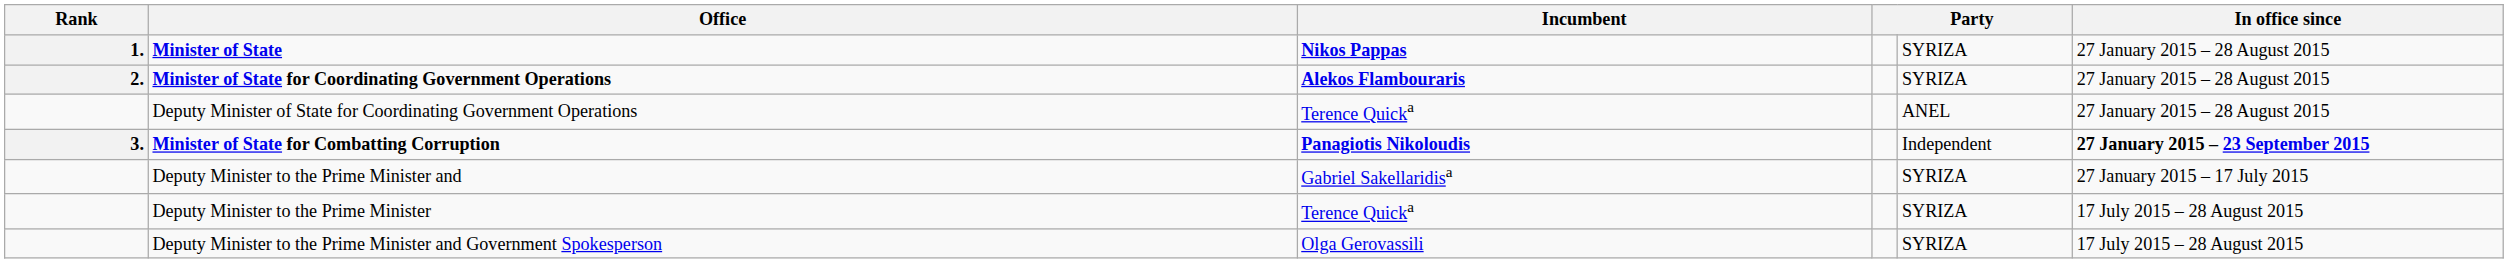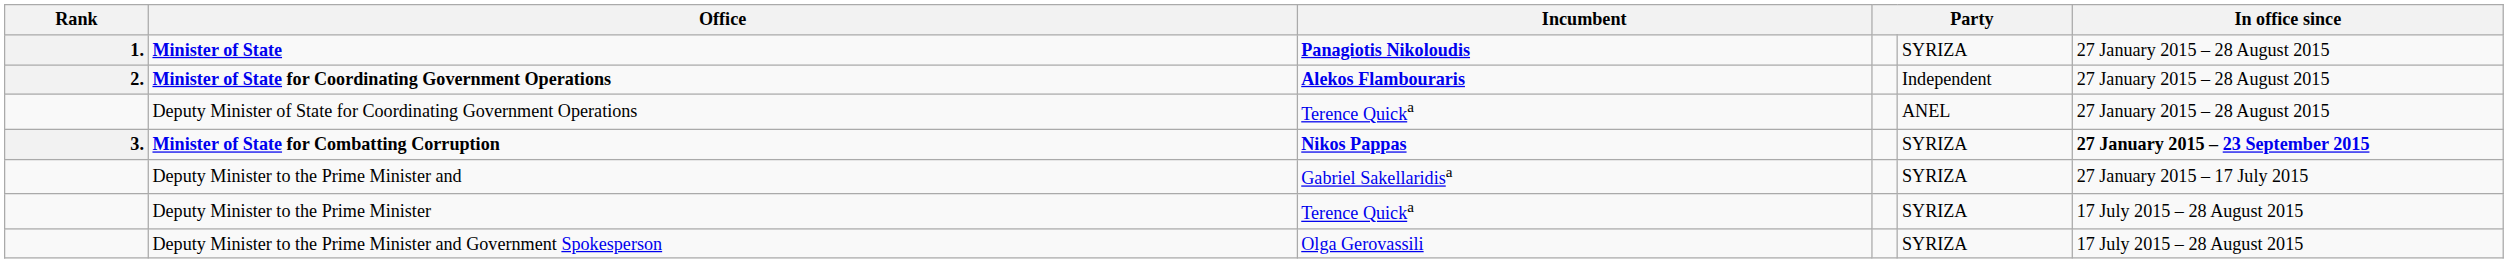 <table class="wikitable" style="width: 100%; font-size: 90%;">
 <tr>
 <th width=5%>Rank</th>
 <th width=40%>Office</th>
 <th width=20%>Incumbent</th>
 <th colspan=2 width=7%>Party</th>
 <th width=15%>In office since</th>
 </tr>
 <tr>
 <th style="text-align: right">1.</th>
 <td><strong><a href='#'>Minister of State</a></strong></td>
-<td><strong><a href='#'>Nikos Pappas</a></strong></td>
+<td><strong><a href='#'>Panagiotis Nikoloudis</a></strong></td>
 <td width=5px style="background-color: "></td>
 <td>SYRIZA</td>
 <td>27 January 2015 – 28 August 2015</td>
 </tr>
 <tr>
 <th style="text-align: right">2.</th>
 <td><strong><a href='#'>Minister of State</a> for Coordinating Government Operations</strong></td>
 <td><strong><a href='#'>Alekos Flambouraris</a></strong></td>
 <td width=5px style="background-color: "></td>
-<td>SYRIZA</td>
+<td>Independent</td>
 <td>27 January 2015 – 28 August 2015</td>
 </tr>
 <tr>
 <td style="text-align: right"></td>
 <td>Deputy Minister of State for Coordinating Government Operations</td>
 <td><a href='#'>Terence Quick</a><sup>a</sup></td>
 <td width=5px style="background-color: "></td>
 <td>ANEL</td>
 <td>27 January 2015 – 28 August 2015</td>
 </tr>
 <tr>
 <th style="text-align: right">3.</th>
 <td><strong><a href='#'>Minister of State</a> for Combatting Corruption</strong></td>
-<td><strong><a href='#'>Panagiotis Nikoloudis</a></strong></td>
+<td><strong><a href='#'>Nikos Pappas</a></strong></td>
 <td width=5px style="background-color: "></td>
-<td>Independent</td>
+<td>SYRIZA</td>
 <td><strong>27 January 2015 – <a href='#'>23 September 2015</a></strong></td>
 </tr>
 <tr>
 <td style="text-align: right"></td>
 <td>Deputy Minister to the Prime Minister and </td>
 <td><a href='#'>Gabriel Sakellaridis</a><sup>a</sup></td>
 <td width=5px style="background-color: "></td>
 <td>SYRIZA</td>
 <td>27 January 2015 – 17 July 2015</td>
 </tr>
 <tr>
 <td style="text-align: right"></td>
 <td>Deputy Minister to the Prime Minister</td>
 <td><a href='#'>Terence Quick</a><sup>a</sup></td>
 <td width=5px style="background-color: "></td>
 <td>SYRIZA</td>
 <td>17 July 2015 – 28 August 2015</td>
 </tr>
 <tr>
 <td style="text-align: right"></td>
 <td>Deputy Minister to the Prime Minister and Government <a href='#'>Spokesperson</a></td>
 <td><a href='#'>Olga Gerovassili</a></td>
 <td width=5px style="background-color: "></td>
 <td>SYRIZA</td>
 <td>17 July 2015 – 28 August 2015</td>
 </tr>
 </table>
